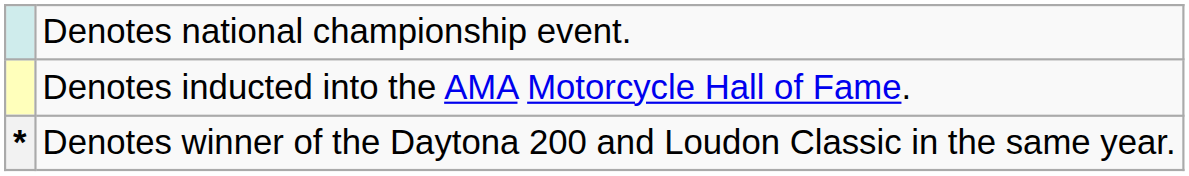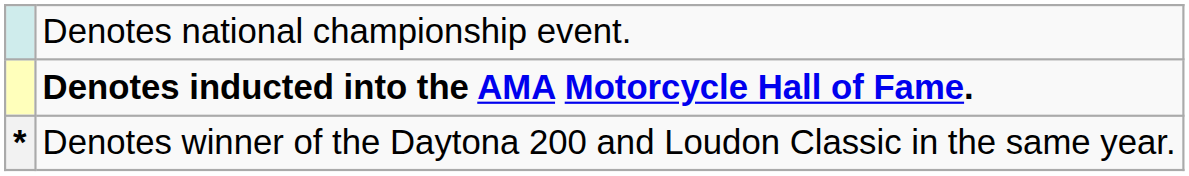 <table class="wikitable" style="font-size:100%;">
 <tr>
 <th scope="row" style="background:#cfecec;"></th>
 <td>Denotes national championship event.</td>
 </tr>
 <tr>
 <th scope="row" style="background-color:#ffffbb"></th>
-<td>Denotes inducted into the <a href='#'>AMA</a> <a href='#'>Motorcycle Hall of Fame</a>.</td>
+<td><strong>Denotes inducted into the <a href='#'>AMA</a> <a href='#'>Motorcycle Hall of Fame</a>.</strong></td>
 </tr>
 <tr>
 <th>*</th>
 <td>Denotes winner of the Daytona 200 and Loudon Classic in the same year.</td>
 </tr>
 </table>
